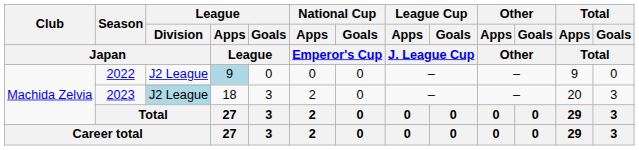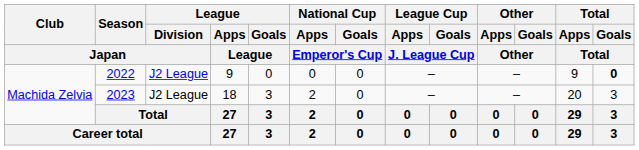 <table class="wikitable" style="text-align: center">
 <tr>
 <th rowspan="2">Club</th>
 <th rowspan="2">Season</th>
 <th colspan="3">League</th>
 <th colspan="2">National Cup</th>
 <th colspan="2">League Cup</th>
 <th colspan="2">Other</th>
 <th colspan="2">Total</th>
 </tr>
 <tr>
 <th>Division</th>
 <th>Apps</th>
 <th>Goals</th>
 <th>Apps</th>
 <th>Goals</th>
 <th>Apps</th>
 <th>Goals</th>
 <th>Apps</th>
 <th>Goals</th>
 <th>Apps</th>
 <th>Goals</th>
 </tr>
 <tr>
 <th colspan=3>Japan</th>
 <th colspan=2>League</th>
 <th colspan=2><a href='#'>Emperor's Cup</a></th>
 <th colspan=2><a href='#'>J. League Cup</a></th>
 <th colspan=2>Other</th>
 <th colspan=2>Total</th>
 </tr>
 <tr>
 <td rowspan="3"><a href='#'>Machida Zelvia</a></td>
 <td><a href='#'>2022</a></td>
 <td><a href='#'>J2 League</a></td>
-<td style="background: lightblue;">9</td>
+<td>9</td>
 <td>0</td>
 <td>0</td>
 <td>0</td>
 <td colspan="2">–</td>
 <td colspan="2">–</td>
 <td>9</td>
-<td>0</td>
+<td><strong>0</strong></td>
 </tr>
 <tr>
 <td><a href='#'>2023</a></td>
-<td style="background: lightblue;">J2 League</td>
+<td>J2 League</td>
 <td>18</td>
 <td>3</td>
 <td>2</td>
 <td>0</td>
 <td colspan="2">–</td>
 <td colspan="2">–</td>
 <td>20</td>
 <td>3</td>
 </tr>
 <tr>
 <th colspan="2">Total</th>
 <th>27</th>
 <th>3</th>
 <th>2</th>
 <th>0</th>
 <th>0</th>
 <th>0</th>
 <th>0</th>
 <th>0</th>
 <th>29</th>
 <th>3</th>
 </tr>
 <tr>
 <th colspan="3">Career total</th>
 <th>27</th>
 <th>3</th>
 <th>2</th>
 <th>0</th>
 <th>0</th>
 <th>0</th>
 <th>0</th>
 <th>0</th>
 <th>29</th>
 <th>3</th>
 </tr>
 </table>
